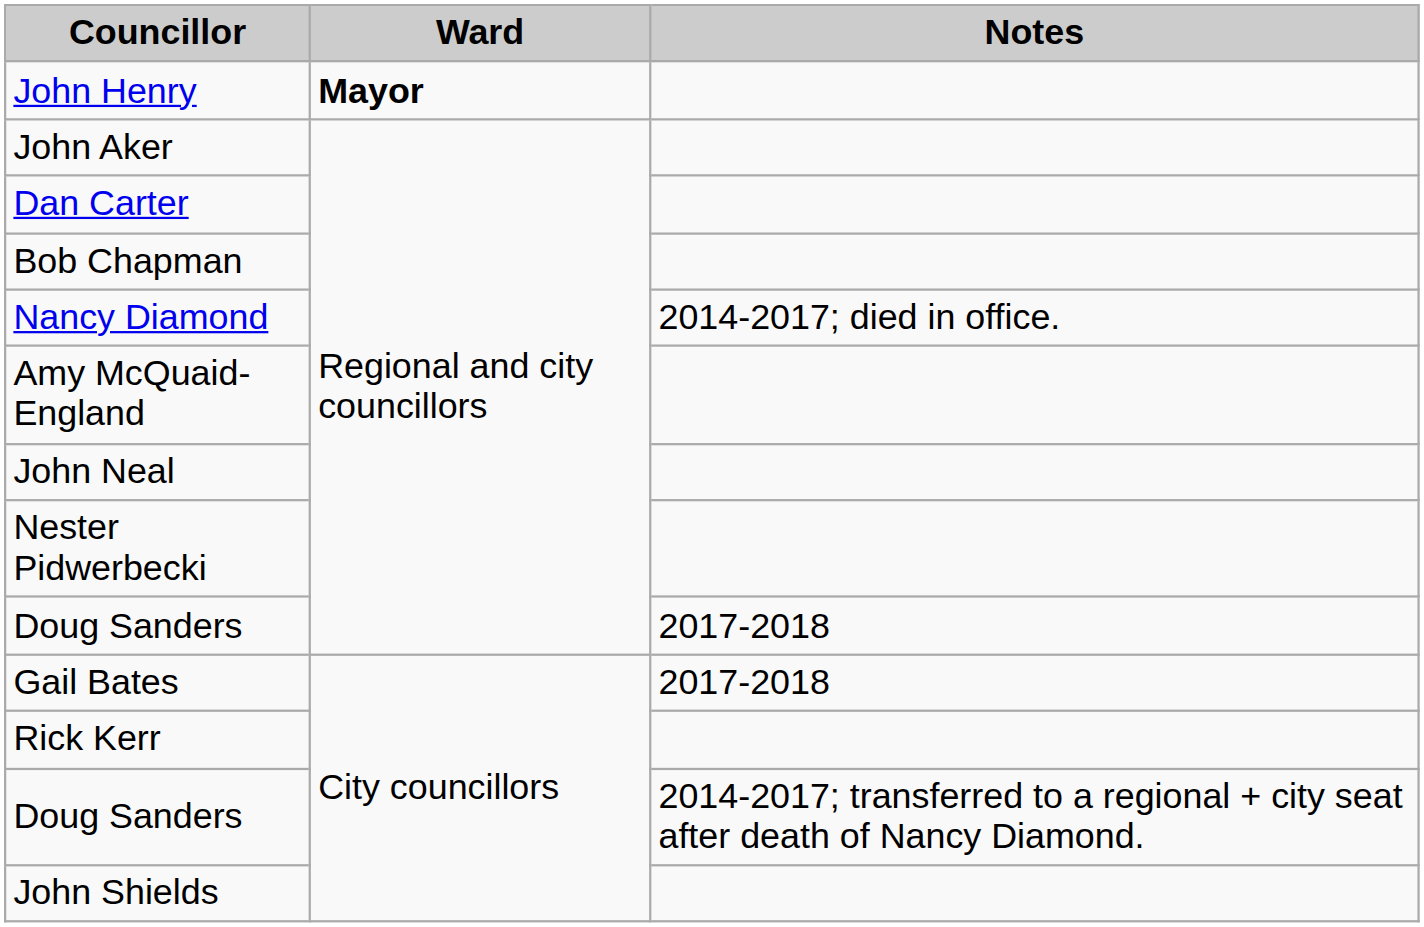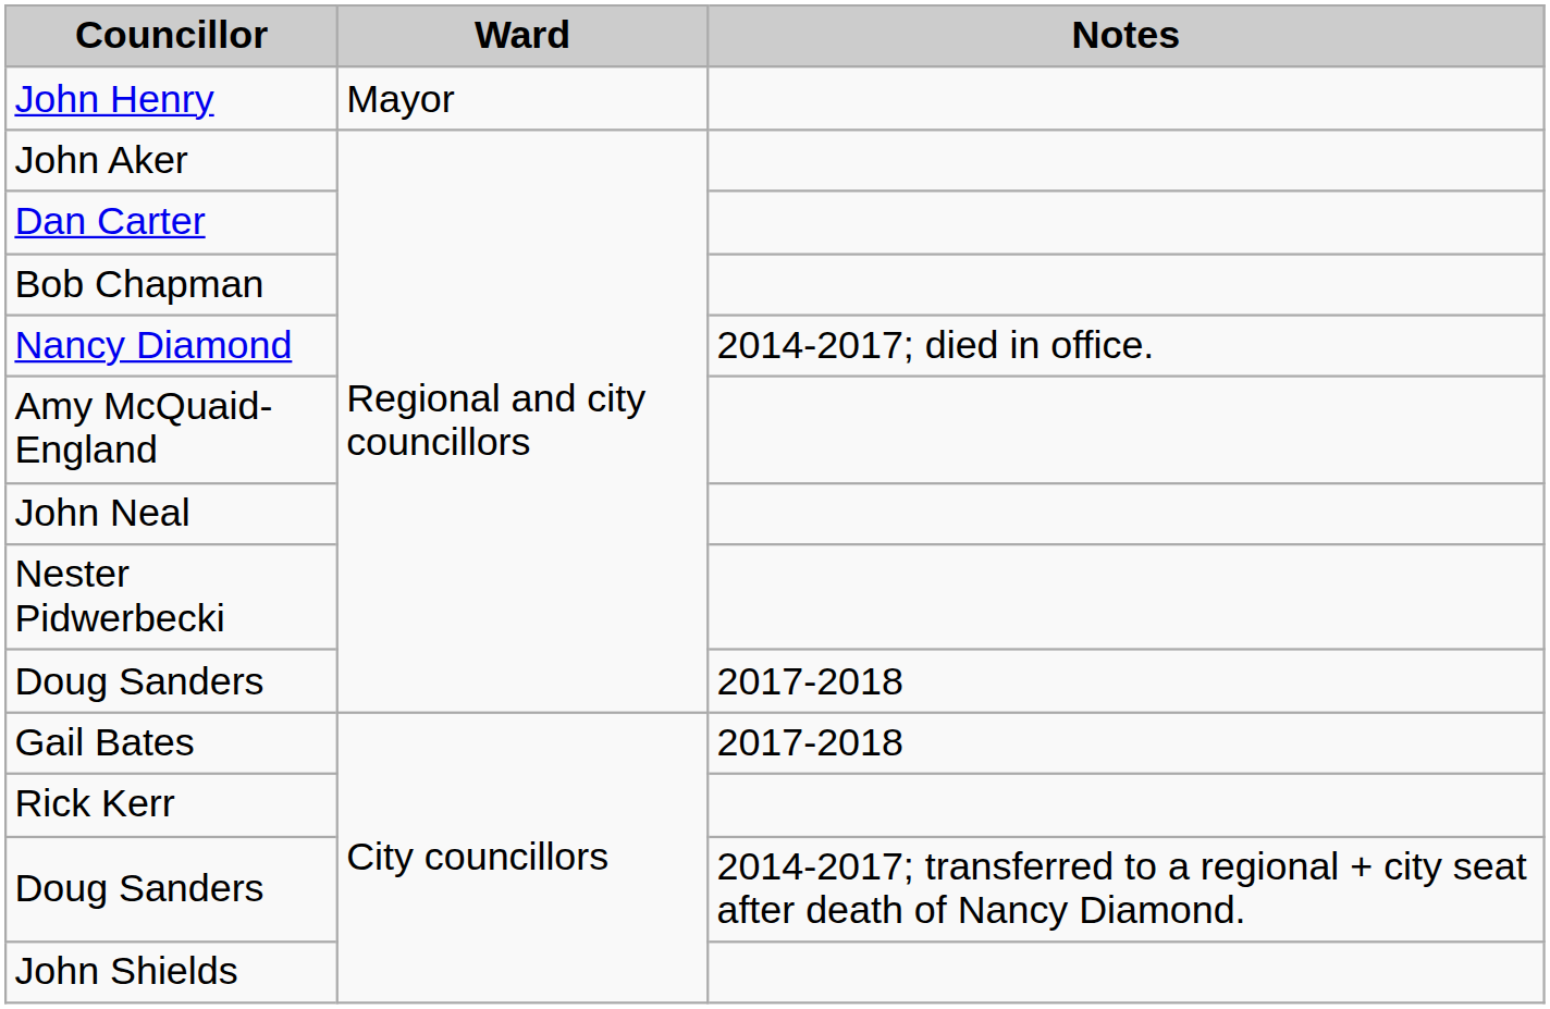 <table class="wikitable" width=50%>
 <tr>
 <th style="background:#cccccc;"><strong>Councillor</strong></th>
 <th style="background:#cccccc;"><strong>Ward</strong></th>
 <th style="background:#cccccc;"><strong>Notes</strong></th>
 </tr>
 <tr>
 <td><a href='#'>John Henry</a></td>
-<td><strong>Mayor</strong></td>
+<td>Mayor</td>
 <td></td>
 </tr>
 <tr>
 <td>John Aker</td>
 <td rowspan=8>Regional and city councillors</td>
 <td></td>
 </tr>
 <tr>
 <td><a href='#'>Dan Carter</a></td>
 <td></td>
 </tr>
 <tr>
 <td>Bob Chapman</td>
 <td></td>
 </tr>
 <tr>
 <td><a href='#'>Nancy Diamond</a></td>
 <td>2014-2017; died in office.</td>
 </tr>
 <tr>
 <td>Amy McQuaid-England</td>
 <td></td>
 </tr>
 <tr>
 <td>John Neal</td>
 <td></td>
 </tr>
 <tr>
 <td>Nester Pidwerbecki</td>
 <td></td>
 </tr>
 <tr>
 <td>Doug Sanders</td>
 <td>2017-2018</td>
 </tr>
 <tr>
 <td>Gail Bates</td>
 <td rowspan=4>City councillors</td>
 <td>2017-2018</td>
 </tr>
 <tr>
 <td>Rick Kerr</td>
 <td></td>
 </tr>
 <tr>
 <td>Doug Sanders</td>
 <td>2014-2017; transferred to a regional + city seat after death of Nancy Diamond.</td>
 </tr>
 <tr>
 <td>John Shields</td>
 <td></td>
 </tr>
 </table>
